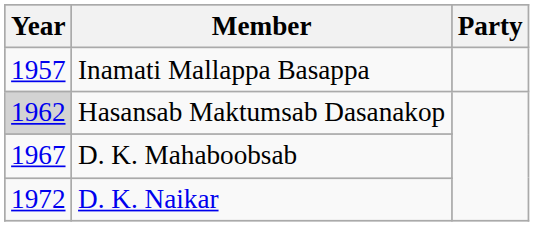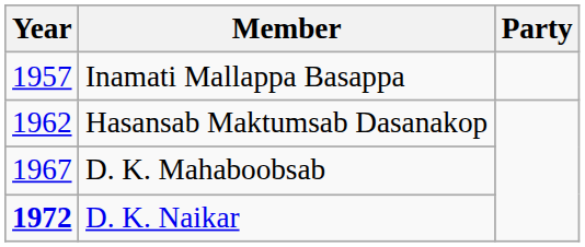 <table class="wikitable">
 <tr>
 <th>Year</th>
 <th>Member</th>
 <th colspan="2">Party</th>
 </tr>
 <tr>
 <td><a href='#'>1957</a></td>
 <td>Inamati Mallappa Basappa</td>
 <td></td>
 </tr>
 <tr>
-<td style="background: lightgrey;"><a href='#'>1962</a></td>
+<td><a href='#'>1962</a></td>
 <td>Hasansab Maktumsab Dasanakop</td>
 </tr>
 <tr>
 <td><a href='#'>1967</a></td>
 <td>D. K. Mahaboobsab</td>
 </tr>
 <tr>
-<td><a href='#'>1972</a></td>
+<td><strong><a href='#'>1972</a></strong></td>
 <td><a href='#'>D. K. Naikar</a></td>
 </tr>
 </table>
